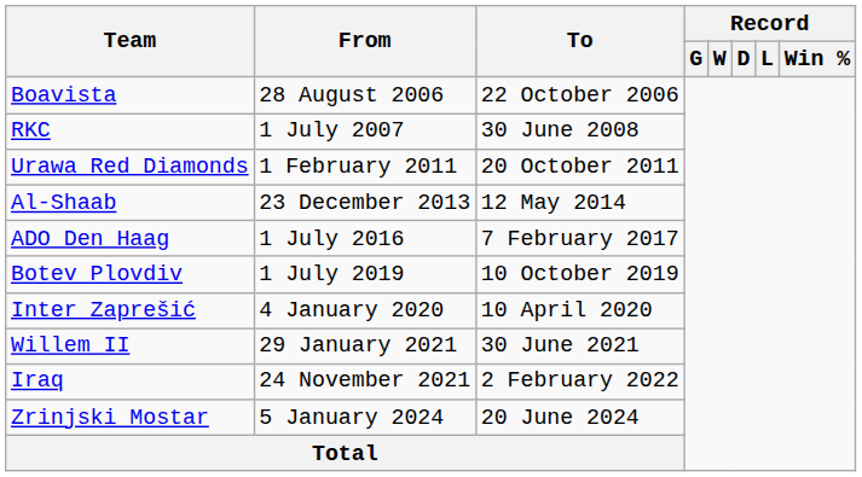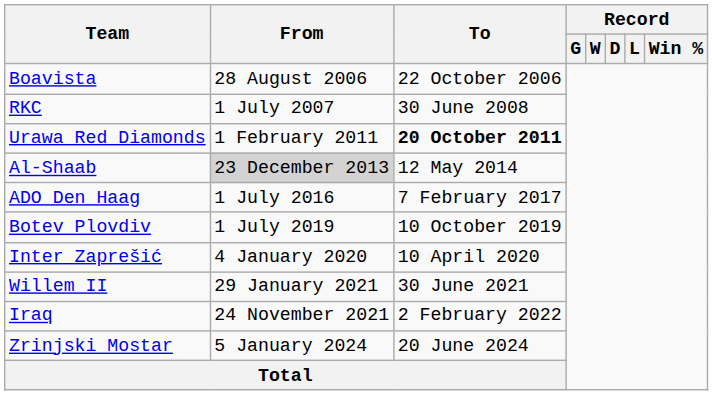 <table class="wikitable" style="text-align: center">
 <tr>
 <th rowspan="2">Team</th>
 <th rowspan="2">From</th>
 <th rowspan="2">To</th>
 <th colspan="5">Record</th>
 </tr>
 <tr>
 <th>G</th>
 <th>W</th>
 <th>D</th>
 <th>L</th>
 <th>Win %</th>
 </tr>
 <tr>
 <td align="left"><a href='#'>Boavista</a></td>
 <td align="left">28 August 2006</td>
 <td align="left">22 October 2006<br></td>
 </tr>
 <tr>
 <td align="left"><a href='#'>RKC</a></td>
 <td align="left">1 July 2007</td>
 <td align="left">30 June 2008<br></td>
 </tr>
 <tr>
 <td align="left"><a href='#'>Urawa Red Diamonds</a></td>
 <td align="left">1 February 2011</td>
-<td align="left">20 October 2011<br></td>
+<td align="left"><strong>20 October 2011<br></strong></td>
 </tr>
 <tr>
 <td align="left"><a href='#'>Al-Shaab</a></td>
-<td align="left">23 December 2013</td>
+<td align="left" style="background: lightgrey;">23 December 2013</td>
 <td align="left">12 May 2014<br></td>
 </tr>
 <tr>
 <td align="left"><a href='#'>ADO Den Haag</a></td>
 <td align="left">1 July 2016</td>
 <td align="left">7 February 2017<br></td>
 </tr>
 <tr>
 <td align="left"><a href='#'>Botev Plovdiv</a></td>
 <td align="left">1 July 2019</td>
 <td align="left">10 October 2019<br></td>
 </tr>
 <tr>
 <td align="left"><a href='#'>Inter Zaprešić</a></td>
 <td align="left">4 January 2020</td>
 <td align="left">10 April 2020<br></td>
 </tr>
 <tr>
 <td align="left"><a href='#'>Willem II</a></td>
 <td align="left">29 January 2021</td>
 <td align="left">30 June 2021<br></td>
 </tr>
 <tr>
 <td align="left"><a href='#'>Iraq</a></td>
 <td align="left">24 November 2021</td>
 <td align="left">2 February 2022<br></td>
 </tr>
 <tr>
 <td align="left"><a href='#'>Zrinjski Mostar</a></td>
 <td align="left">5 January 2024</td>
 <td align="left">20 June 2024<br></td>
 </tr>
 <tr>
 <th colspan="3">Total<br></th>
 </tr>
 </table>
